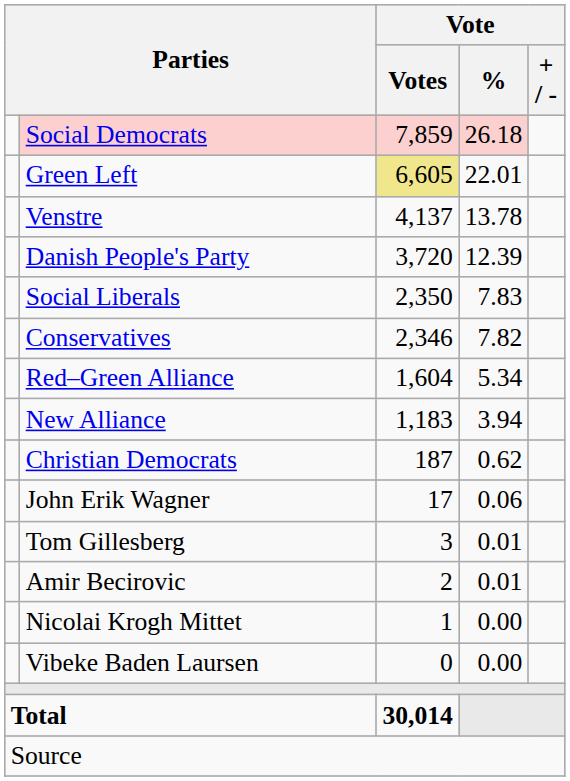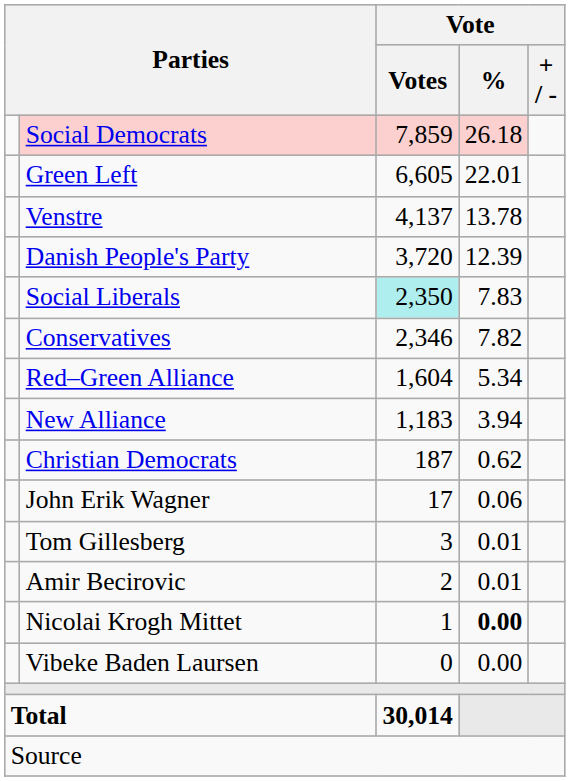 <table class="wikitable" style="text-align:right;">
 <tr>
 <th style="text-align:centre;" rowspan="2" colspan="2" width="225">Parties</th>
 <th colspan="3">Vote</th>
 </tr>
 <tr>
 <th width="15">Votes</th>
 <th width="15">%</th>
 <th width="15">+ / -</th>
 </tr>
 <tr>
 <td width="2" style="color:inherit;background:"></td>
 <td bgcolor=#fbd0ce  align="left"><a href='#'>Social Democrats</a></td>
 <td bgcolor=#fbd0ce>7,859</td>
 <td bgcolor=#fbd0ce>26.18</td>
 <td></td>
 </tr>
 <tr>
 <td width="2" style="color:inherit;background:"></td>
 <td align="left"><a href='#'>Green Left</a></td>
-<td style="background: khaki;">6,605</td>
+<td>6,605</td>
 <td>22.01</td>
 <td></td>
 </tr>
 <tr>
 <td width="2" style="color:inherit;background:"></td>
 <td align="left"><a href='#'>Venstre</a></td>
 <td>4,137</td>
 <td>13.78</td>
 <td></td>
 </tr>
 <tr>
 <td width="2" style="color:inherit;background:"></td>
 <td align="left"><a href='#'>Danish People's Party</a></td>
 <td>3,720</td>
 <td>12.39</td>
 <td></td>
 </tr>
 <tr>
 <td width="2" style="color:inherit;background:"></td>
 <td align="left"><a href='#'>Social Liberals</a></td>
-<td>2,350</td>
+<td style="background: paleturquoise;">2,350</td>
 <td>7.83</td>
 <td></td>
 </tr>
 <tr>
 <td width="2" style="color:inherit;background:"></td>
 <td align="left"><a href='#'>Conservatives</a></td>
 <td>2,346</td>
 <td>7.82</td>
 <td></td>
 </tr>
 <tr>
 <td width="2" style="color:inherit;background:"></td>
 <td align="left"><a href='#'>Red–Green Alliance</a></td>
 <td>1,604</td>
 <td>5.34</td>
 <td></td>
 </tr>
 <tr>
 <td width="2" style="color:inherit;background:"></td>
 <td align="left"><a href='#'>New Alliance</a></td>
 <td>1,183</td>
 <td>3.94</td>
 <td></td>
 </tr>
 <tr>
 <td width="2" style="color:inherit;background:"></td>
 <td align="left"><a href='#'>Christian Democrats</a></td>
 <td>187</td>
 <td>0.62</td>
 <td></td>
 </tr>
 <tr>
 <td width="2" style="color:inherit;background:"></td>
 <td align="left">John Erik Wagner</td>
 <td>17</td>
 <td>0.06</td>
 <td></td>
 </tr>
 <tr>
 <td width="2" style="color:inherit;background:"></td>
 <td align="left">Tom Gillesberg</td>
 <td>3</td>
 <td>0.01</td>
 <td></td>
 </tr>
 <tr>
 <td width="2" style="color:inherit;background:"></td>
 <td align="left">Amir Becirovic</td>
 <td>2</td>
 <td>0.01</td>
 <td></td>
 </tr>
 <tr>
 <td width="2" style="color:inherit;background:"></td>
 <td align="left">Nicolai Krogh Mittet</td>
 <td>1</td>
-<td>0.00</td>
+<td><strong>0.00</strong></td>
 <td></td>
 </tr>
 <tr>
 <td width="2" style="color:inherit;background:"></td>
 <td align="left">Vibeke Baden Laursen</td>
 <td>0</td>
 <td>0.00</td>
 <td></td>
 </tr>
 <tr>
 <td colspan="7" bgcolor="#E9E9E9"></td>
 </tr>
 <tr>
 <td align="left" colspan="2"><strong>Total</strong></td>
 <td><strong>30,014</strong></td>
 <td bgcolor="#E9E9E9" colspan="2"></td>
 </tr>
 <tr>
 <td align="left" colspan="6">Source</td>
 </tr>
 </table>
